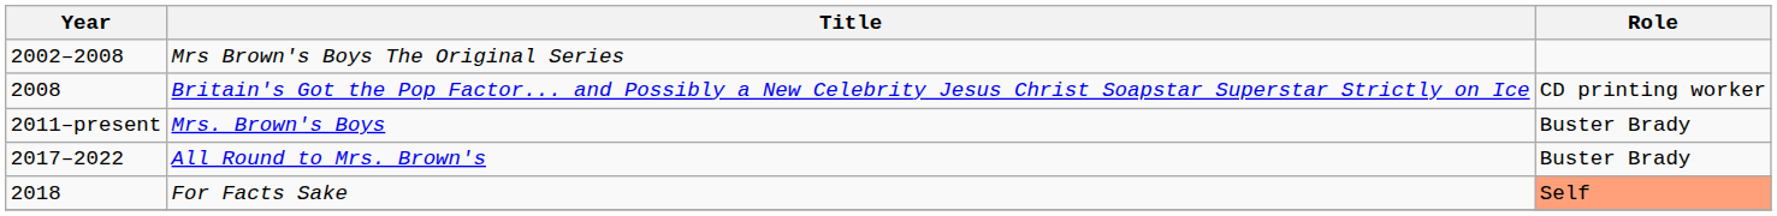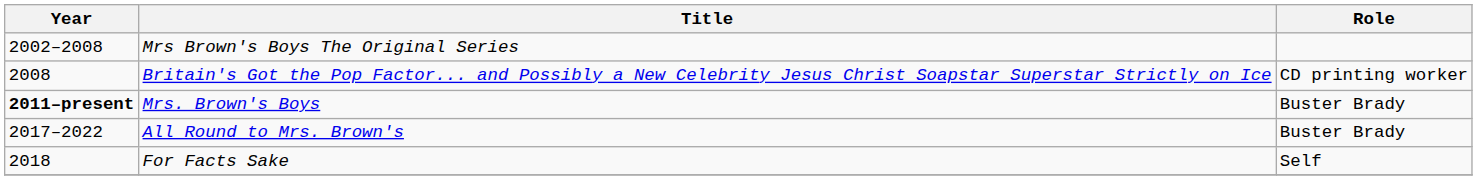 <table class="wikitable sortable">
 <tr>
 <th>Year</th>
 <th>Title</th>
 <th>Role</th>
 </tr>
 <tr>
 <td>2002–2008</td>
 <td><em>Mrs Brown's Boys The Original Series</em></td>
 <td></td>
 </tr>
 <tr>
 <td>2008</td>
 <td><em><a href='#'>Britain's Got the Pop Factor... and Possibly a New Celebrity Jesus Christ Soapstar Superstar Strictly on Ice</a></em></td>
 <td>CD printing worker</td>
 </tr>
 <tr>
-<td>2011–present</td>
+<td><strong>2011–present</strong></td>
 <td><em><a href='#'>Mrs. Brown's Boys</a></em></td>
 <td>Buster Brady</td>
 </tr>
 <tr>
 <td>2017–2022</td>
 <td><em><a href='#'>All Round to Mrs. Brown's</a></em></td>
 <td>Buster Brady</td>
 </tr>
 <tr>
 <td>2018</td>
 <td><em>For Facts Sake</em></td>
-<td style="background: lightsalmon;">Self</td>
+<td>Self</td>
 </tr>
 <tr>
 </tr>
 </table>
